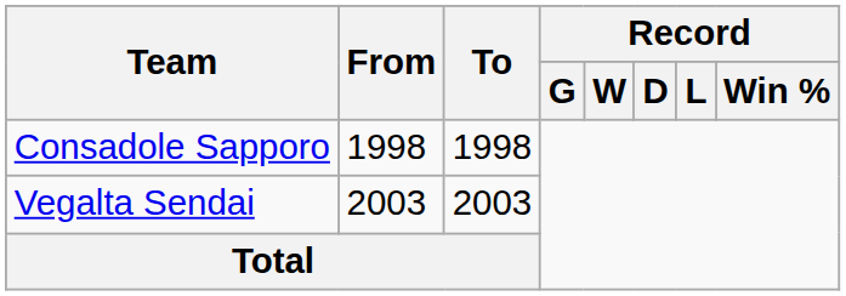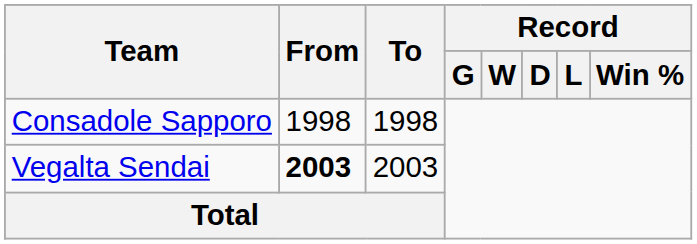 <table class="wikitable" style="text-align: center">
 <tr>
 <th rowspan="2">Team</th>
 <th rowspan="2">From</th>
 <th rowspan="2">To</th>
 <th colspan="5">Record</th>
 </tr>
 <tr>
 <th>G</th>
 <th>W</th>
 <th>D</th>
 <th>L</th>
 <th>Win %</th>
 </tr>
 <tr>
 <td align="left"><a href='#'>Consadole Sapporo</a></td>
 <td align="left">1998</td>
 <td align="left">1998<br></td>
 </tr>
 <tr>
 <td align="left"><a href='#'>Vegalta Sendai</a></td>
-<td align="left">2003</td>
+<td align="left"><strong>2003</strong></td>
 <td align="left">2003<br></td>
 </tr>
 <tr>
 <th colspan="3">Total<br></th>
 </tr>
 </table>
